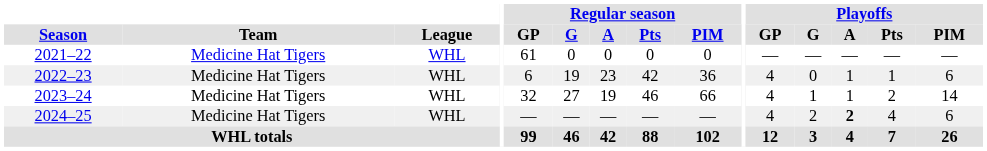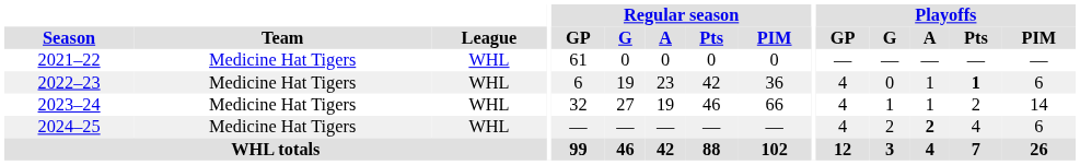 <table border="0" cellpadding="1" cellspacing="0" style="text-align:center; width:60em;">
 <tr bgcolor="#e0e0e0">
 <th colspan="3" bgcolor="#ffffff"></th>
 <th rowspan="94" bgcolor="#ffffff"></th>
 <th colspan="5"><a href='#'>Regular season</a></th>
 <th rowspan="94" bgcolor="#ffffff"></th>
 <th colspan="5"><a href='#'>Playoffs</a></th>
 </tr>
 <tr bgcolor="#e0e0e0">
 <th><a href='#'>Season</a></th>
 <th>Team</th>
 <th>League</th>
 <th>GP</th>
 <th><a href='#'>G</a></th>
 <th><a href='#'>A</a></th>
 <th><a href='#'>Pts</a></th>
 <th><a href='#'>PIM</a></th>
 <th>GP</th>
 <th>G</th>
 <th>A</th>
 <th>Pts</th>
 <th>PIM</th>
 </tr>
 <tr>
 <td><a href='#'>2021–22</a></td>
 <td><a href='#'>Medicine Hat Tigers</a></td>
 <td><a href='#'>WHL</a></td>
 <td>61</td>
 <td>0</td>
 <td>0</td>
 <td>0</td>
 <td>0</td>
 <td>—</td>
 <td>—</td>
 <td>—</td>
 <td>—</td>
 <td>—</td>
 </tr>
 <tr bgcolor="f0f0f0">
 <td><a href='#'>2022–23</a></td>
 <td>Medicine Hat Tigers</td>
 <td>WHL</td>
 <td>6</td>
 <td>19</td>
 <td>23</td>
 <td>42</td>
 <td>36</td>
 <td>4</td>
 <td>0</td>
 <td>1</td>
-<td>1</td>
+<td><strong>1</strong></td>
 <td>6</td>
 </tr>
 <tr>
 <td><a href='#'>2023–24</a></td>
 <td>Medicine Hat Tigers</td>
 <td>WHL</td>
 <td>32</td>
 <td>27</td>
 <td>19</td>
 <td>46</td>
 <td>66</td>
 <td>4</td>
 <td>1</td>
 <td>1</td>
 <td>2</td>
 <td>14</td>
 </tr>
 <tr bgcolor="f0f0f0">
 <td><a href='#'>2024–25</a></td>
 <td>Medicine Hat Tigers</td>
 <td>WHL</td>
 <td>—</td>
 <td>—</td>
 <td>—</td>
 <td>—</td>
 <td>—</td>
 <td>4</td>
 <td>2</td>
 <td><strong>2</strong></td>
 <td>4</td>
 <td>6</td>
 </tr>
 <tr bgcolor="#e0e0e0">
 <th colspan="3">WHL totals</th>
 <th>99</th>
 <th>46</th>
 <th>42</th>
 <th>88</th>
 <th>102</th>
 <th>12</th>
 <th>3</th>
 <th>4</th>
 <th>7</th>
 <th>26</th>
 </tr>
 </table>
